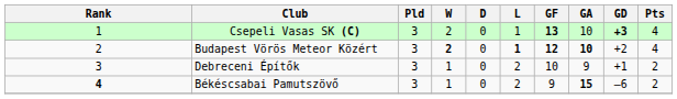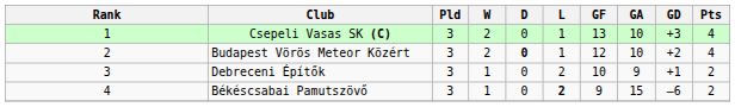 <table class="wikitable" style="text-align:center"width="800">
 <tr>
 <th>Rank</th>
 <th>Club</th>
 <th>Pld</th>
 <th>W</th>
 <th>D</th>
 <th>L</th>
 <th>GF</th>
 <th>GA</th>
 <th>GD</th>
 <th>Pts</th>
 </tr>
 <tr>
 <td align="center" bgcolor=#ccffcc>1</td>
 <td width="240" bgcolor=#ccffcc>Csepeli Vasas SK <strong>(C)</strong></td>
 <td width="34" align="center" bgcolor=#ccffcc>3</td>
 <td width="35" align="center" bgcolor=#ccffcc>2</td>
 <td width="35" align="center" bgcolor=#ccffcc>0</td>
 <td width="35" align="center" bgcolor=#ccffcc>1</td>
-<td width="35" align="center" bgcolor=#ccffcc><strong>13</strong></td>
+<td width="35" align="center" bgcolor=#ccffcc>13</td>
 <td width="35" align="center" bgcolor=#ccffcc>10</td>
-<td width="35" align="center" bgcolor=#ccffcc><strong>+3</strong></td>
+<td width="35" align="center" bgcolor=#ccffcc>+3</td>
 <td width="35" align="center" bgcolor=#ccffcc>4</td>
 </tr>
 <tr>
 <td align="center" bgcolor=>2</td>
 <td align="left" bgcolor=>Budapest Vörös Meteor Közért</td>
 <td align="center" bgcolor=>3</td>
-<td align="center" bgcolor=><strong>2</strong></td>
-<td align="center" bgcolor=>0</td>
-<td align="center" bgcolor=><strong>1</strong></td>
-<td align="center" bgcolor=><strong>12</strong></td>
-<td align="center" bgcolor=><strong>10</strong></td>
+<td align="center" bgcolor=>2</td>
+<td align="center" bgcolor=><strong>0</strong></td>
+<td align="center" bgcolor=>1</td>
+<td align="center" bgcolor=>12</td>
+<td align="center" bgcolor=>10</td>
 <td align="center" bgcolor=>+2</td>
 <td align="center" bgcolor=>4</td>
 </tr>
 <tr>
 <td align="center" bgcolor=>3</td>
 <td align="left" bgcolor=>Debreceni Építők</td>
 <td align="center" bgcolor=>3</td>
 <td align="center" bgcolor=>1</td>
 <td align="center" bgcolor=>0</td>
 <td align="center" bgcolor=>2</td>
 <td align="center" bgcolor=>10</td>
 <td align="center" bgcolor=>9</td>
 <td align="center" bgcolor=>+1</td>
 <td align="center" bgcolor=>2</td>
 </tr>
 <tr>
-<td align="center" bgcolor=><strong>4</strong></td>
+<td align="center" bgcolor=>4</td>
 <td align="left" bgcolor=>Békéscsabai Pamutszövő</td>
 <td align="center" bgcolor=>3</td>
 <td align="center" bgcolor=>1</td>
 <td align="center" bgcolor=>0</td>
-<td align="center" bgcolor=>2</td>
+<td align="center" bgcolor=><strong>2</strong></td>
 <td align="center" bgcolor=>9</td>
-<td align="center" bgcolor=><strong>15</strong></td>
+<td align="center" bgcolor=>15</td>
 <td align="center" bgcolor=>–6</td>
 <td align="center" bgcolor=>2</td>
 </tr>
 <tr>
 </tr>
 </table>
